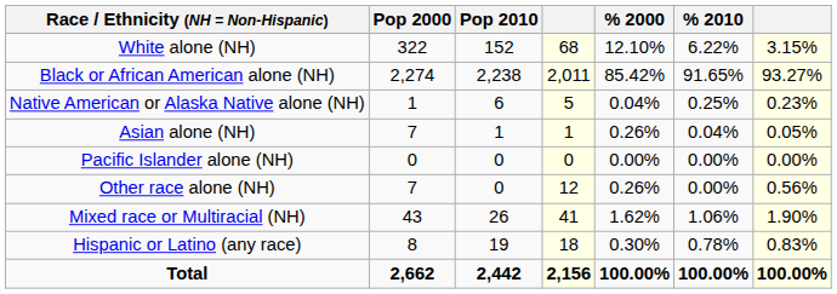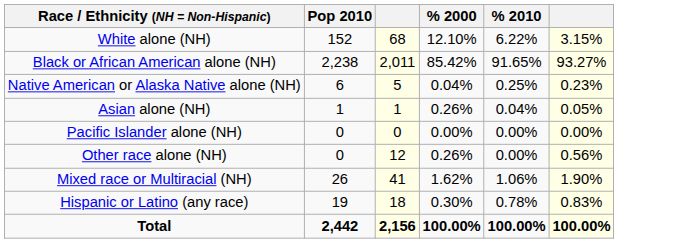 <table class="wikitable" style="text-align:center;">
 <tr>
 <th>Race / Ethnicity <small>(<em>NH = Non-Hispanic</em>)</small></th>
-<th>Pop 2000</th>
 <th>Pop 2010</th>
 <th></th>
 <th>% 2000</th>
 <th>% 2010</th>
 <th></th>
 </tr>
 <tr>
 <td><a href='#'>White</a> alone (NH)</td>
-<td>322</td>
 <td>152</td>
 <td style='background: #ffffe6;'>68</td>
 <td>12.10%</td>
 <td>6.22%</td>
 <td style='background: #ffffe6;'>3.15%</td>
 </tr>
 <tr>
 <td><a href='#'>Black or African American</a> alone (NH)</td>
-<td>2,274</td>
 <td>2,238</td>
 <td style='background: #ffffe6;'>2,011</td>
 <td>85.42%</td>
 <td>91.65%</td>
 <td style='background: #ffffe6;'>93.27%</td>
 </tr>
 <tr>
 <td><a href='#'>Native American</a> or <a href='#'>Alaska Native</a> alone (NH)</td>
-<td>1</td>
 <td>6</td>
 <td style='background: #ffffe6;'>5</td>
 <td>0.04%</td>
 <td>0.25%</td>
 <td style='background: #ffffe6;'>0.23%</td>
 </tr>
 <tr>
 <td><a href='#'>Asian</a> alone (NH)</td>
-<td>7</td>
 <td>1</td>
 <td style='background: #ffffe6;'>1</td>
 <td>0.26%</td>
 <td>0.04%</td>
 <td style='background: #ffffe6;'>0.05%</td>
 </tr>
 <tr>
 <td><a href='#'>Pacific Islander</a> alone (NH)</td>
 <td>0</td>
-<td>0</td>
 <td style='background: #ffffe6;'>0</td>
 <td>0.00%</td>
 <td>0.00%</td>
 <td style='background: #ffffe6;'>0.00%</td>
 </tr>
 <tr>
 <td><a href='#'>Other race</a> alone (NH)</td>
-<td>7</td>
 <td>0</td>
 <td style='background: #ffffe6;'>12</td>
 <td>0.26%</td>
 <td>0.00%</td>
 <td style='background: #ffffe6;'>0.56%</td>
 </tr>
 <tr>
 <td><a href='#'>Mixed race or Multiracial</a> (NH)</td>
-<td>43</td>
 <td>26</td>
 <td style='background: #ffffe6;'>41</td>
 <td>1.62%</td>
 <td>1.06%</td>
 <td style='background: #ffffe6;'>1.90%</td>
 </tr>
 <tr>
 <td><a href='#'>Hispanic or Latino</a> (any race)</td>
-<td>8</td>
 <td>19</td>
 <td style='background: #ffffe6;'>18</td>
 <td>0.30%</td>
 <td>0.78%</td>
 <td style='background: #ffffe6;'>0.83%</td>
 </tr>
 <tr>
 <td><strong>Total</strong></td>
-<td><strong>2,662</strong></td>
 <td><strong>2,442</strong></td>
 <td style='background: #ffffe6;'><strong>2,156</strong></td>
 <td><strong>100.00%</strong></td>
 <td><strong>100.00%</strong></td>
 <td style='background: #ffffe6;'><strong>100.00%</strong></td>
 </tr>
 </table>
